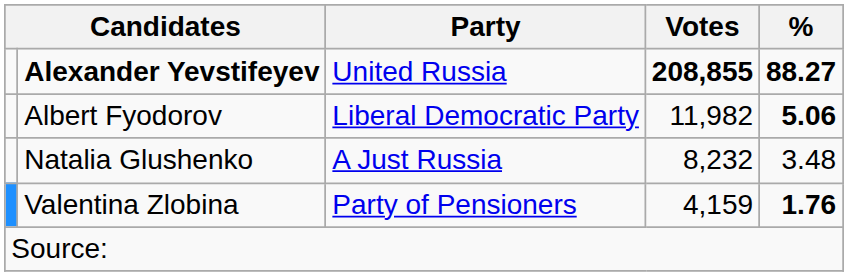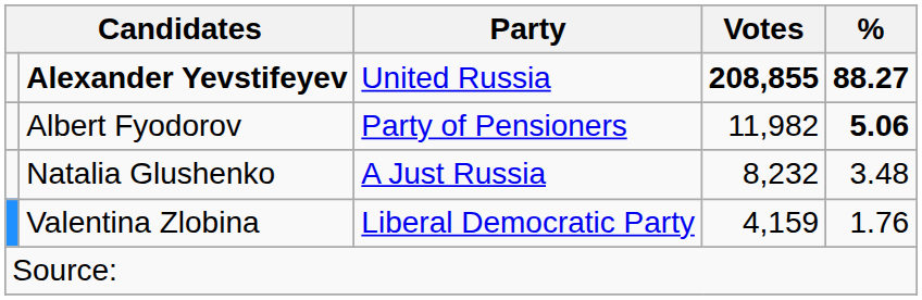 <table class=wikitable style=text-align:right>
 <tr>
 <th colspan=2>Candidates</th>
 <th>Party</th>
 <th>Votes</th>
 <th>%</th>
 </tr>
 <tr>
 <td style="background-color: "></td>
 <td style="text-align:left;"><strong>Alexander Yevstifeyev</strong></td>
 <td style="text-align:left;"><a href='#'>United Russia</a></td>
 <td><strong>208,855</strong></td>
 <td><strong>88.27</strong></td>
 </tr>
 <tr>
 <td style="background-color: "></td>
 <td style="text-align:left;">Albert Fyodorov</td>
-<td style="text-align:left;"><a href='#'>Liberal Democratic Party</a></td>
+<td style="text-align:left;"><a href='#'>Party of Pensioners</a></td>
 <td>11,982</td>
 <td><strong>5.06</strong></td>
 </tr>
 <tr>
 <td style="background-color: "></td>
 <td style="text-align:left;">Natalia Glushenko</td>
 <td style="text-align:left;"><a href='#'>A Just Russia</a></td>
 <td>8,232</td>
 <td>3.48</td>
 </tr>
 <tr>
 <td style="background-color: #1E90FF"></td>
 <td style="text-align:left;">Valentina Zlobina</td>
-<td style="text-align:left;"><a href='#'>Party of Pensioners</a></td>
+<td style="text-align:left;"><a href='#'>Liberal Democratic Party</a></td>
 <td>4,159</td>
-<td><strong>1.76</strong></td>
+<td>1.76</td>
 </tr>
 <tr>
 <td style="text-align:left;" colspan=5>Source: </td>
 </tr>
 </table>
